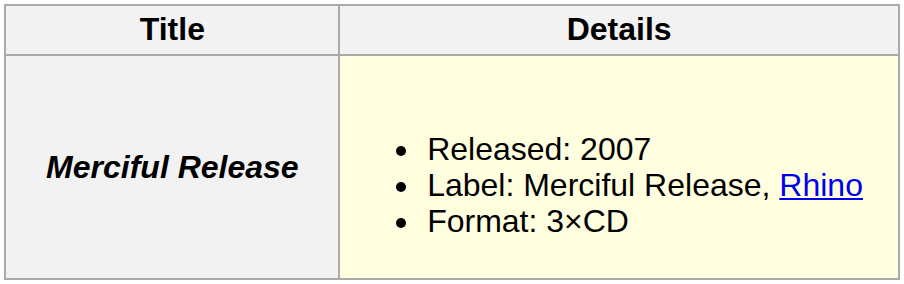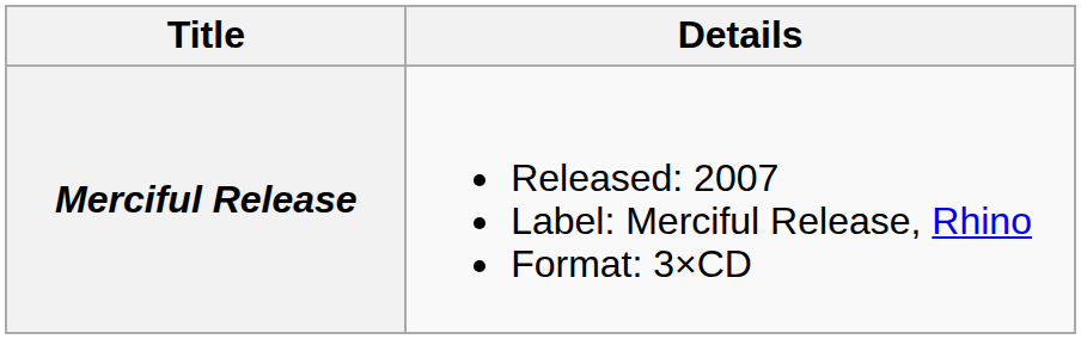 <table class="wikitable plainrowheaders">
 <tr>
 <th scope="col" style="width:10em;">Title</th>
 <th scope="col" style="width:17em;">Details</th>
 </tr>
 <tr>
 <th scope="row"><em>Merciful Release</em></th>
-<td style="background: lightyellow;"><br><ul><li>Released: 2007</li><li>Label: Merciful Release, <a href='#'>Rhino</a></li><li>Format: 3×CD</li></ul></td>
+<td><br><ul><li>Released: 2007</li><li>Label: Merciful Release, <a href='#'>Rhino</a></li><li>Format: 3×CD</li></ul></td>
 </tr>
 </table>
